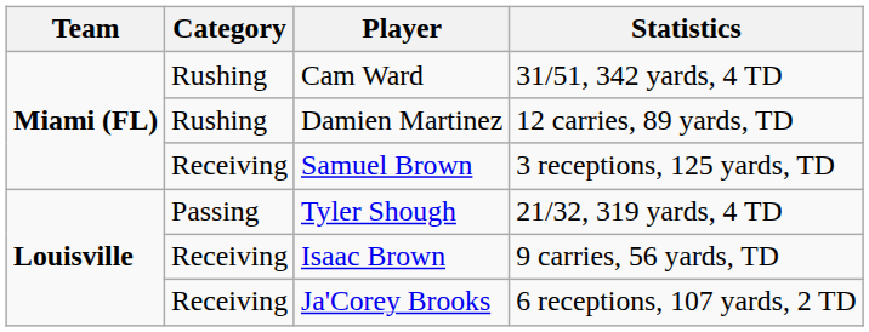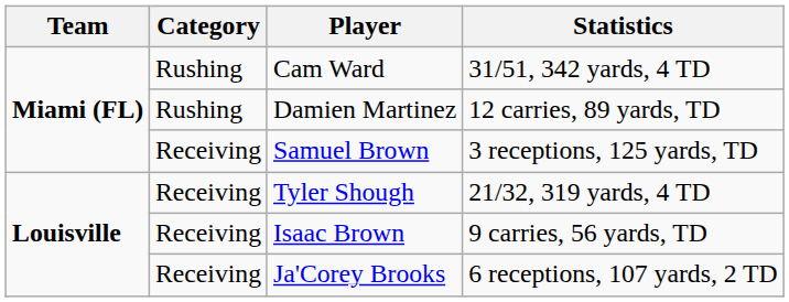 <table class="wikitable" style="float: right;">
 <tr>
 <th>Team</th>
 <th>Category</th>
 <th>Player</th>
 <th>Statistics</th>
 </tr>
 <tr>
 <td rowspan=3><strong>Miami (FL)</strong></td>
 <td>Rushing</td>
 <td>Cam Ward</td>
 <td>31/51, 342 yards, 4 TD</td>
 </tr>
 <tr>
 <td>Rushing</td>
 <td>Damien Martinez</td>
 <td>12 carries, 89 yards, TD</td>
 </tr>
 <tr>
 <td>Receiving</td>
 <td><a href='#'>Samuel Brown</a></td>
 <td>3 receptions, 125 yards, TD</td>
 </tr>
 <tr>
 <td rowspan=3><strong>Louisville</strong></td>
-<td>Passing</td>
+<td>Receiving</td>
 <td><a href='#'>Tyler Shough</a></td>
 <td>21/32, 319 yards, 4 TD</td>
 </tr>
 <tr>
 <td>Receiving</td>
 <td><a href='#'>Isaac Brown</a></td>
 <td>9 carries, 56 yards, TD</td>
 </tr>
 <tr>
 <td>Receiving</td>
 <td><a href='#'>Ja'Corey Brooks</a></td>
 <td>6 receptions, 107 yards,  2 TD</td>
 </tr>
 </table>
